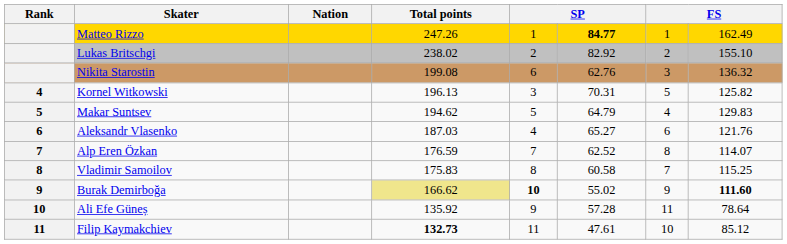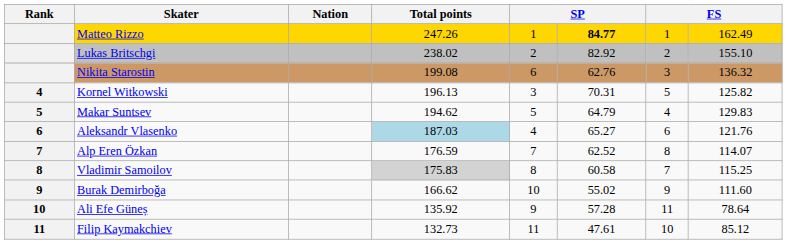 <table class="wikitable sortable" style="text-align:center;" width="80%">
 <tr>
 <th scope="col">Rank</th>
 <th scope="col">Skater</th>
 <th scope="col">Nation</th>
 <th scope="col">Total points</th>
 <th scope="col" colspan="2" width="80px"><a href='#'>SP</a></th>
 <th scope="col" colspan="2" width="80px"><a href='#'>FS</a></th>
 </tr>
 <tr bgcolor="gold">
 <th scope="row"></th>
 <td align="left"><a href='#'>Matteo Rizzo</a></td>
 <td align="left"></td>
 <td>247.26</td>
 <td>1</td>
 <td><strong>84.77</strong></td>
 <td>1</td>
 <td>162.49</td>
 </tr>
 <tr bgcolor="silver">
 <th scope="row"></th>
 <td align="left"><a href='#'>Lukas Britschgi</a></td>
 <td align="left"></td>
 <td>238.02</td>
 <td>2</td>
 <td>82.92</td>
 <td>2</td>
 <td>155.10</td>
 </tr>
 <tr bgcolor="cc9966">
 <th scope="row"></th>
 <td align="left"><a href='#'>Nikita Starostin</a></td>
 <td align="left"></td>
 <td>199.08</td>
 <td>6</td>
 <td>62.76</td>
 <td>3</td>
 <td>136.32</td>
 </tr>
 <tr>
 <th scope="row">4</th>
 <td align="left"><a href='#'>Kornel Witkowski</a></td>
 <td align="left"></td>
 <td>196.13</td>
 <td>3</td>
 <td>70.31</td>
 <td>5</td>
 <td>125.82</td>
 </tr>
 <tr>
 <th scope="row">5</th>
 <td align="left"><a href='#'>Makar Suntsev</a></td>
 <td align="left"></td>
 <td>194.62</td>
 <td>5</td>
 <td>64.79</td>
 <td>4</td>
 <td>129.83</td>
 </tr>
 <tr>
 <th scope="row">6</th>
 <td align="left"><a href='#'>Aleksandr Vlasenko</a></td>
 <td align="left"></td>
-<td>187.03</td>
+<td style="background: lightblue;">187.03</td>
 <td>4</td>
 <td>65.27</td>
 <td>6</td>
 <td>121.76</td>
 </tr>
 <tr>
 <th scope="row">7</th>
 <td align="left"><a href='#'>Alp Eren Özkan</a></td>
 <td align="left"></td>
 <td>176.59</td>
 <td>7</td>
 <td>62.52</td>
 <td>8</td>
 <td>114.07</td>
 </tr>
 <tr>
 <th scope="row">8</th>
 <td align="left"><a href='#'>Vladimir Samoilov</a></td>
 <td align="left"></td>
-<td>175.83</td>
+<td style="background: lightgrey;">175.83</td>
 <td>8</td>
 <td>60.58</td>
 <td>7</td>
 <td>115.25</td>
 </tr>
 <tr>
 <th scope="row">9</th>
 <td align="left"><a href='#'>Burak Demirboğa</a></td>
 <td align="left"></td>
-<td style="background: khaki;">166.62</td>
-<td><strong>10</strong></td>
+<td>166.62</td>
+<td>10</td>
 <td>55.02</td>
 <td>9</td>
-<td><strong>111.60</strong></td>
+<td>111.60</td>
 </tr>
 <tr>
 <th scope="row">10</th>
 <td align="left"><a href='#'>Ali Efe Güneș</a></td>
 <td align="left"></td>
 <td>135.92</td>
 <td>9</td>
 <td>57.28</td>
 <td>11</td>
 <td>78.64</td>
 </tr>
 <tr>
 <th scope="row">11</th>
 <td align="left"><a href='#'>Filip Kaymakchiev</a></td>
 <td align="left"></td>
-<td><strong>132.73</strong></td>
+<td>132.73</td>
 <td>11</td>
 <td>47.61</td>
 <td>10</td>
 <td>85.12</td>
 </tr>
 </table>
